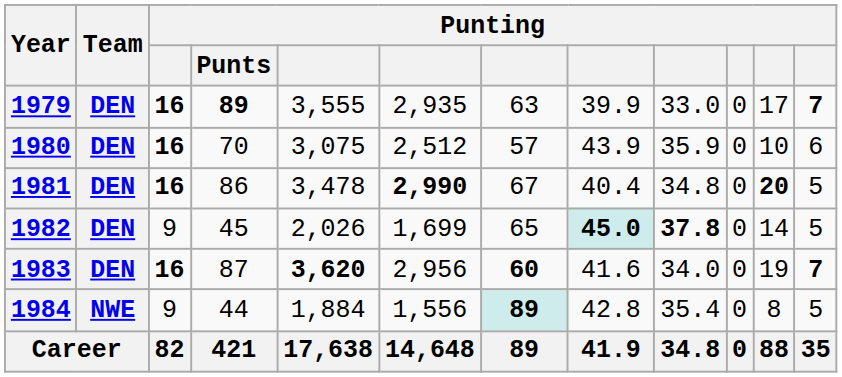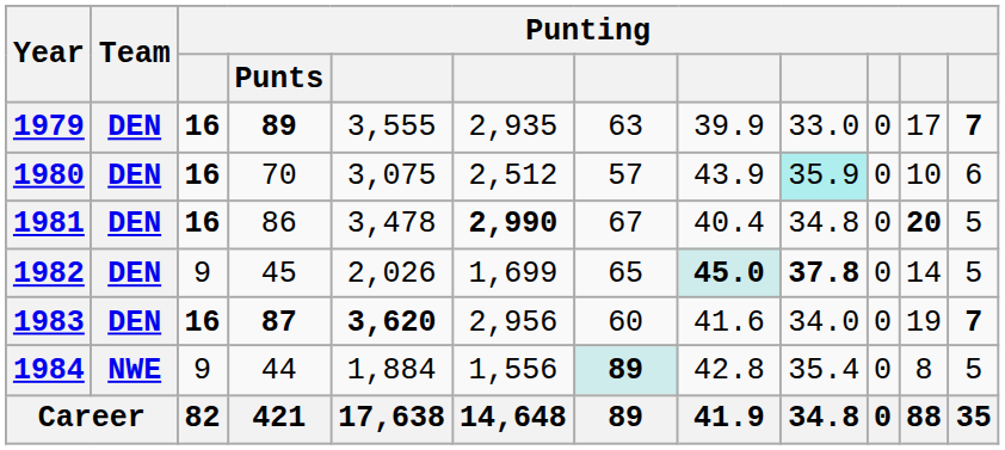 <table class=wikitable style="text-align:center;">
 <tr>
 <th rowspan="2">Year</th>
 <th rowspan="2">Team</th>
 <th colspan="10">Punting</th>
 </tr>
 <tr>
 <th></th>
 <th>Punts</th>
 <th></th>
 <th></th>
 <th></th>
 <th></th>
 <th></th>
 <th></th>
 <th></th>
 <th></th>
 </tr>
 <tr>
 <th><a href='#'>1979</a></th>
 <th><a href='#'>DEN</a></th>
 <td><strong>16</strong></td>
 <td><strong>89</strong></td>
 <td>3,555</td>
 <td>2,935</td>
 <td>63</td>
 <td>39.9</td>
 <td>33.0</td>
 <td>0</td>
 <td>17</td>
 <td><strong>7</strong></td>
 </tr>
 <tr>
 <th><a href='#'>1980</a></th>
 <th><a href='#'>DEN</a></th>
 <td><strong>16</strong></td>
 <td>70</td>
 <td>3,075</td>
 <td>2,512</td>
 <td>57</td>
 <td>43.9</td>
-<td>35.9</td>
+<td style="background: paleturquoise;">35.9</td>
 <td>0</td>
 <td>10</td>
 <td>6</td>
 </tr>
 <tr>
 <th><a href='#'>1981</a></th>
 <th><a href='#'>DEN</a></th>
 <td><strong>16</strong></td>
 <td>86</td>
 <td>3,478</td>
 <td><strong>2,990</strong></td>
 <td>67</td>
 <td>40.4</td>
 <td>34.8</td>
 <td>0</td>
 <td><strong>20</strong></td>
 <td>5</td>
 </tr>
 <tr>
 <th><a href='#'>1982</a></th>
 <th><a href='#'>DEN</a></th>
 <td>9</td>
 <td>45</td>
 <td>2,026</td>
 <td>1,699</td>
 <td>65</td>
 <td style="background:#cfecec; width:3em;"><strong>45.0</strong></td>
 <td><strong>37.8</strong></td>
 <td>0</td>
 <td>14</td>
 <td>5</td>
 </tr>
 <tr>
 <th><a href='#'>1983</a></th>
 <th><a href='#'>DEN</a></th>
 <td><strong>16</strong></td>
-<td>87</td>
+<td><strong>87</strong></td>
 <td><strong>3,620</strong></td>
 <td>2,956</td>
-<td><strong>60</strong></td>
+<td>60</td>
 <td>41.6</td>
 <td>34.0</td>
 <td>0</td>
 <td>19</td>
 <td><strong>7</strong></td>
 </tr>
 <tr>
 <th><a href='#'>1984</a></th>
 <th><a href='#'>NWE</a></th>
 <td>9</td>
 <td>44</td>
 <td>1,884</td>
 <td>1,556</td>
 <td style="background:#cfecec; width:3em;"><strong>89</strong></td>
 <td>42.8</td>
 <td>35.4</td>
 <td>0</td>
 <td>8</td>
 <td>5</td>
 </tr>
 <tr>
 <th colspan="2">Career</th>
 <th>82</th>
 <th>421</th>
 <th>17,638</th>
 <th>14,648</th>
 <th>89</th>
 <th>41.9</th>
 <th>34.8</th>
 <th>0</th>
 <th>88</th>
 <th>35</th>
 </tr>
 </table>
